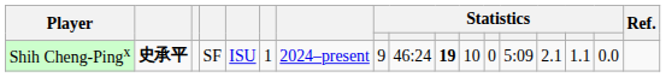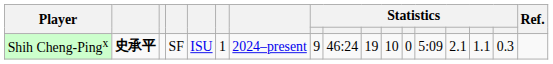 <table class="wikitable sortable" style="font-size:95%; text-align:right;">
 <tr>
 <th rowspan="2">Player</th>
 <th rowspan="2"></th>
 <th rowspan="2"></th>
 <th rowspan="2"></th>
 <th rowspan="2"></th>
 <th rowspan="2"></th>
 <th rowspan="2"></th>
 <th colspan="9">Statistics</th>
 <th rowspan="2">Ref.</th>
 </tr>
 <tr>
 <th></th>
 <th></th>
 <th></th>
 <th></th>
 <th></th>
 <th></th>
 <th></th>
 <th></th>
 <th></th>
 </tr>
 <tr>
 <td align="left" bgcolor="#CCFFCC">Shih Cheng-Ping<sup>x</sup></td>
 <td align="left"><strong>史承平</strong></td>
 <td align="center"></td>
 <td align="center">SF</td>
 <td align="left"><a href='#'>ISU</a></td>
 <td align="center">1</td>
 <td align="center"><a href='#'>2024–present</a></td>
 <td>9</td>
 <td>46:24</td>
-<td><strong>19</strong></td>
+<td>19</td>
 <td>10</td>
 <td>0</td>
 <td>5:09</td>
 <td>2.1</td>
 <td>1.1</td>
-<td>0.0</td>
+<td>0.3</td>
 <td align="center"></td>
 </tr>
 </table>
